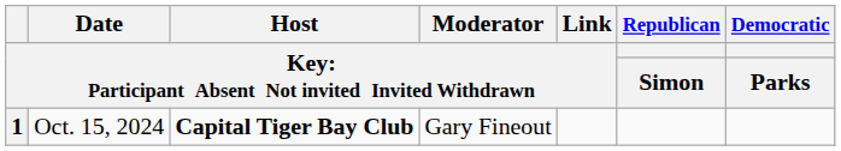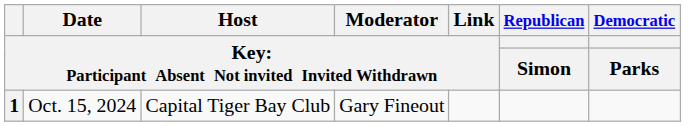 <table class="wikitable" style="text-align:center;">
 <tr>
 <th scope="col"></th>
 <th scope="col">Date</th>
 <th scope="col">Host</th>
 <th scope="col">Moderator</th>
 <th scope="col">Link</th>
 <th scope="col"><small><a href='#'>Republican</a></small></th>
 <th scope="col"><small><a href='#'>Democratic</a></small></th>
 </tr>
 <tr>
 <th colspan="5" rowspan="2">Key:<br> <small>Participant </small>  <small>Absent </small>  <small>Not invited </small>  <small>Invited  Withdrawn</small></th>
 <th scope="col" style="background:"></th>
 <th scope="col" style="background:"></th>
 </tr>
 <tr>
 <th scope="col">Simon</th>
 <th scope="col">Parks</th>
 </tr>
 <tr>
 <th>1</th>
 <td style="white-space:nowrap;">Oct. 15, 2024</td>
-<td style="white-space:nowrap;"><strong>Capital Tiger Bay Club</strong></td>
+<td style="white-space:nowrap;">Capital Tiger Bay Club</td>
 <td style="white-space:nowrap;">Gary Fineout</td>
 <td style="white-space:nowrap;"></td>
 <td></td>
 <td></td>
 </tr>
 </table>
